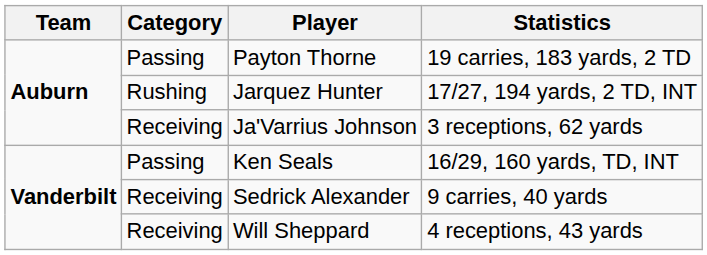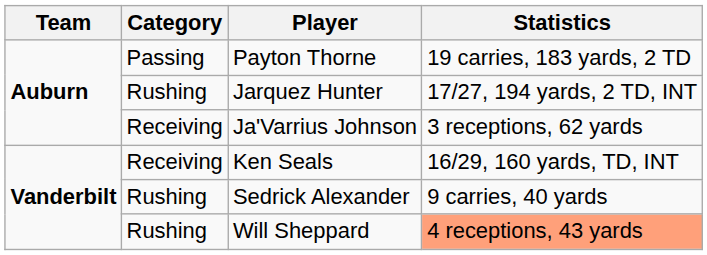 <table class="wikitable" style="float: right;">
 <tr>
 <th>Team</th>
 <th>Category</th>
 <th>Player</th>
 <th>Statistics</th>
 </tr>
 <tr>
 <td rowspan=3><strong>Auburn</strong></td>
 <td>Passing</td>
 <td>Payton Thorne</td>
 <td>19 carries, 183 yards, 2 TD</td>
 </tr>
 <tr>
 <td>Rushing</td>
 <td>Jarquez Hunter</td>
 <td>17/27, 194 yards, 2 TD, INT</td>
 </tr>
 <tr>
 <td>Receiving</td>
 <td>Ja'Varrius Johnson</td>
 <td>3 receptions, 62 yards</td>
 </tr>
 <tr>
 <td rowspan=3><strong>Vanderbilt</strong></td>
-<td>Passing</td>
+<td>Receiving</td>
 <td>Ken Seals</td>
 <td>16/29, 160 yards, TD, INT</td>
 </tr>
 <tr>
-<td>Receiving</td>
+<td>Rushing</td>
 <td>Sedrick Alexander</td>
 <td>9 carries, 40 yards</td>
 </tr>
 <tr>
-<td>Receiving</td>
+<td>Rushing</td>
 <td>Will Sheppard</td>
-<td>4 receptions, 43 yards</td>
+<td style="background: lightsalmon;">4 receptions, 43 yards</td>
 </tr>
 </table>
